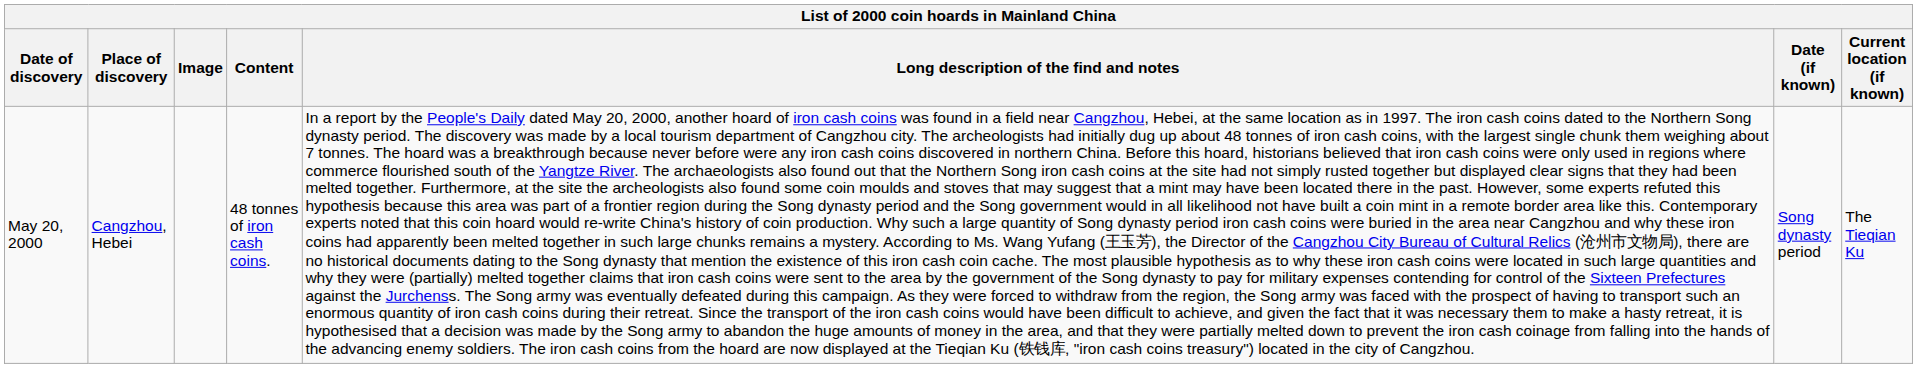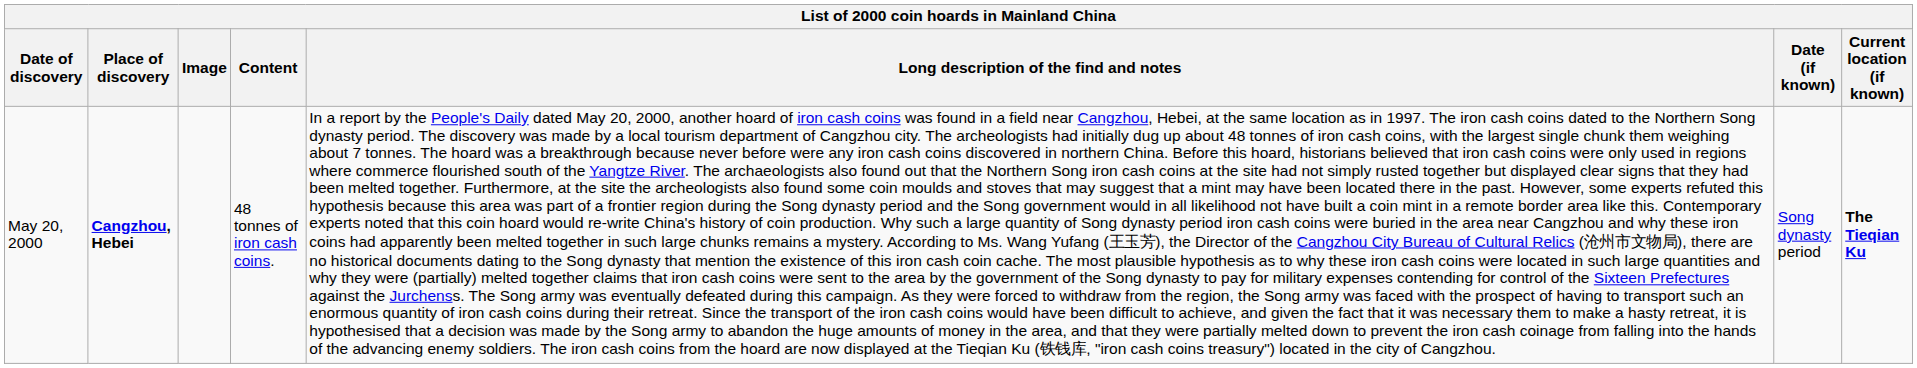 <table class="wikitable" style="font-size: 100%">
 <tr>
 <th colspan=7>List of 2000 coin hoards in Mainland China</th>
 </tr>
 <tr>
 <th>Date of discovery</th>
 <th>Place of discovery</th>
 <th>Image</th>
 <th>Content</th>
 <th>Long description of the find and notes</th>
 <th>Date<br>(if known)</th>
 <th>Current location<br>(if known)</th>
 </tr>
 <tr>
 <td>May 20, 2000</td>
-<td><a href='#'>Cangzhou</a>, Hebei</td>
+<td><strong><a href='#'>Cangzhou</a>, Hebei</strong></td>
 <td></td>
 <td>48 tonnes of <a href='#'>iron cash coins</a>.</td>
 <td>In a report by the <a href='#'>People's Daily</a> dated May 20, 2000, another hoard of <a href='#'>iron cash coins</a> was found in a field near <a href='#'>Cangzhou</a>, Hebei, at the same location as in 1997. The iron cash coins dated to the Northern Song dynasty period. The discovery was made by a local tourism department of Cangzhou city. The archeologists had initially dug up about 48 tonnes of iron cash coins, with the largest single chunk them weighing about 7 tonnes. The hoard was a breakthrough because never before were any iron cash coins discovered in northern China. Before this hoard, historians believed that iron cash coins were only used in regions where commerce flourished south of the <a href='#'>Yangtze River</a>. The archaeologists also found out that the Northern Song iron cash coins at the site had not simply rusted together but displayed clear signs that they had been melted together. Furthermore, at the site the archeologists also found some coin moulds and stoves that may suggest that a mint may have been located there in the past. However, some experts refuted this hypothesis because this area was part of a frontier region during the Song dynasty period and the Song government would in all likelihood not have built a coin mint in a remote border area like this. Contemporary experts noted that this coin hoard would re-write China's history of coin production. Why such a large quantity of Song dynasty period iron cash coins were buried in the area near Cangzhou and why these iron coins had apparently been melted together in such large chunks remains a mystery. According to Ms. Wang Yufang (王玉芳), the Director of the <a href='#'>Cangzhou City Bureau of Cultural Relics</a> (沧州市文物局), there are no historical documents dating to the Song dynasty that mention the existence of this iron cash coin cache. The most plausible hypothesis as to why these iron cash coins were located in such large quantities and why they were (partially) melted together claims that iron cash coins were sent to the area by the government of the Song dynasty to pay for military expenses contending for control of the <a href='#'>Sixteen Prefectures</a> against the <a href='#'>Jurchens</a>s. The Song army was eventually defeated during this campaign. As they were forced to withdraw from the region, the Song army was faced with the prospect of having to transport such an enormous quantity of iron cash coins during their retreat. Since the transport of the iron cash coins would have been difficult to achieve, and given the fact that it was necessary them to make a hasty retreat, it is hypothesised that a decision was made by the Song army to abandon the huge amounts of money in the area, and that they were partially melted down to prevent the iron cash coinage from falling into the hands of the advancing enemy soldiers. The iron cash coins from the hoard are now displayed at the Tieqian Ku (铁钱库, "iron cash coins treasury") located in the city of Cangzhou.</td>
 <td><a href='#'>Song dynasty</a> period</td>
-<td>The <a href='#'>Tieqian Ku</a></td>
+<td><strong>The <a href='#'>Tieqian Ku</a></strong></td>
 </tr>
 </table>
